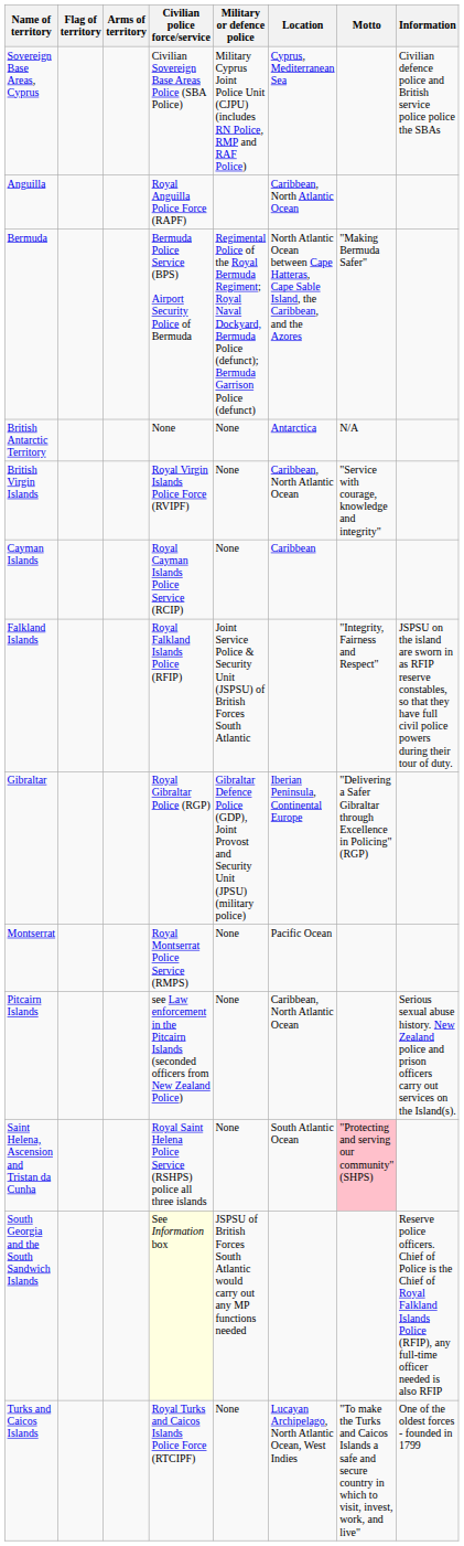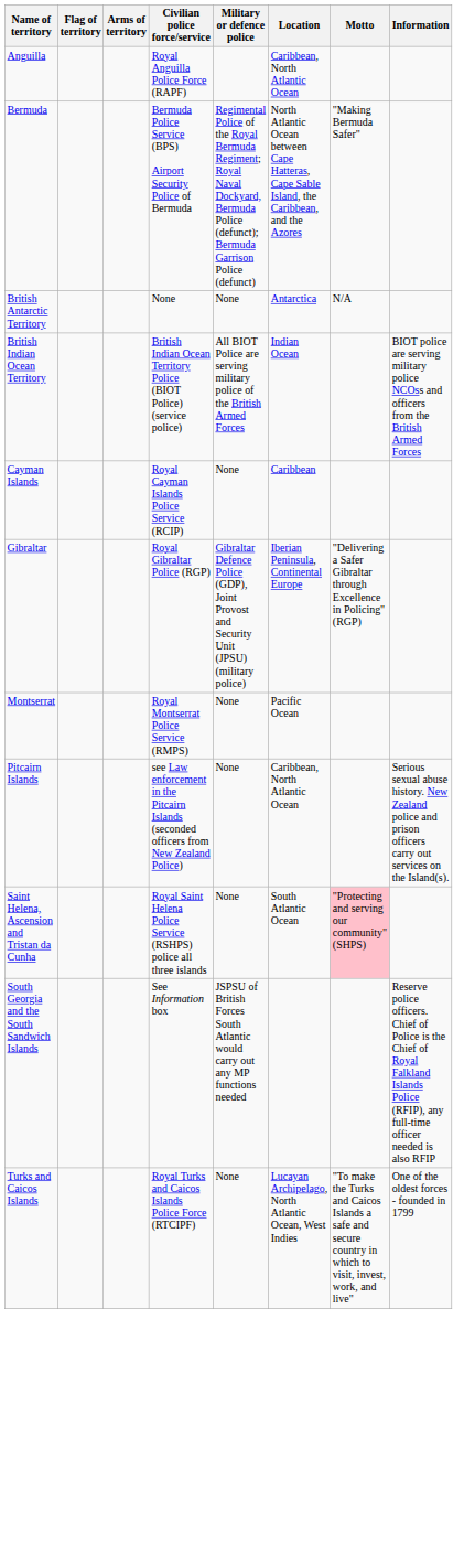 <table class="wikitable sortable">
 <tr>
 <th>Name of territory</th>
 <th class="unsortable">Flag of territory</th>
 <th class="unsortable">Arms of territory</th>
 <th>Civilian police force/service</th>
 <th>Military or defence police</th>
 <th>Location</th>
 <th class="unsortable">Motto</th>
 <th>Information</th>
-</tr>
-<tr valign="top">
-<td><a href='#'>Sovereign Base Areas</a>, <a href='#'>Cyprus</a></td>
-<td></td>
-<td></td>
-<td> Civilian <a href='#'>Sovereign Base Areas Police</a> (SBA Police)</td>
-<td>Military Cyprus Joint Police Unit (CJPU) (includes  <a href='#'>RN Police</a>,  <a href='#'>RMP</a> and  <a href='#'>RAF Police</a>)</td>
-<td><a href='#'>Cyprus</a>, <a href='#'>Mediterranean Sea</a></td>
-<td></td>
-<td>Civilian defence police and British service police police the SBAs</td>
 </tr>
 <tr valign="top">
 <td><a href='#'>Anguilla</a></td>
 <td></td>
 <td></td>
 <td> <a href='#'>Royal Anguilla Police Force</a> (RAPF)</td>
 <td></td>
 <td><a href='#'>Caribbean</a>, North <a href='#'>Atlantic Ocean</a></td>
 <td></td>
 <td></td>
 </tr>
 <tr valign="top">
 <td><a href='#'>Bermuda</a></td>
 <td></td>
 <td></td>
 <td> <a href='#'>Bermuda Police Service</a> (BPS) <br><br> <a href='#'>Airport Security Police</a> of Bermuda<br></td>
 <td> <a href='#'>Regimental Police</a> of the <a href='#'>Royal Bermuda Regiment</a>; <a href='#'>Royal Naval Dockyard, Bermuda</a> Police (defunct); <a href='#'>Bermuda Garrison</a> Police (defunct)</td>
 <td>North Atlantic Ocean between <a href='#'>Cape Hatteras</a>, <a href='#'>Cape Sable Island</a>, the <a href='#'>Caribbean</a>, and the <a href='#'>Azores</a></td>
 <td>"Making Bermuda Safer"</td>
 <td></td>
 </tr>
 <tr valign="top">
 <td><a href='#'>British Antarctic Territory</a></td>
 <td></td>
 <td></td>
 <td>None</td>
 <td>None</td>
 <td><a href='#'>Antarctica</a></td>
 <td>N/A</td>
 <td></td>
 </tr>
 <tr valign="top">
-<td><a href='#'>British Virgin Islands</a></td>
+<td><a href='#'>British Indian Ocean Territory</a></td>
 <td></td>
 <td></td>
-<td><a href='#'>Royal Virgin Islands Police Force</a> (RVIPF)</td>
-<td>None</td>
-<td><a href='#'>Caribbean</a>, North Atlantic Ocean</td>
-<td>"Service with courage, knowledge and integrity"</td>
+<td> <a href='#'>British Indian Ocean Territory Police</a> (BIOT Police) (service police)</td>
+<td>All BIOT Police are serving military police of the <a href='#'>British Armed Forces</a></td>
+<td><a href='#'>Indian Ocean</a></td>
 <td></td>
+<td>BIOT police are serving military police <a href='#'>NCOs</a>s and officers from the <a href='#'>British Armed Forces</a></td>
 </tr>
 <tr valign="top">
 <td><a href='#'>Cayman Islands</a></td>
 <td></td>
 <td></td>
 <td><a href='#'>Royal Cayman Islands Police Service</a> (RCIP)</td>
 <td>None</td>
 <td><a href='#'>Caribbean</a></td>
 <td></td>
 <td></td>
-</tr>
-<tr valign="top">
-<td><a href='#'>Falkland Islands</a></td>
-<td></td>
-<td></td>
-<td><a href='#'>Royal Falkland Islands Police</a> (RFIP)</td>
-<td> Joint Service Police & Security Unit (JSPSU) of British Forces South Atlantic</td>
-<td></td>
-<td>"Integrity, Fairness and Respect"</td>
-<td>JSPSU on the island are sworn in as RFIP reserve constables, so that they have full civil police powers during their tour of duty.</td>
 </tr>
 <tr valign="top">
 <td><a href='#'>Gibraltar</a></td>
 <td></td>
 <td></td>
 <td><a href='#'>Royal Gibraltar Police</a>  (RGP)</td>
 <td><a href='#'>Gibraltar Defence Police</a> (GDP),<br> Joint Provost and Security Unit (JPSU) (military police)</td>
 <td><a href='#'>Iberian Peninsula</a>, <a href='#'>Continental Europe</a></td>
 <td>"Delivering a Safer Gibraltar through Excellence in Policing" (RGP)</td>
 <td></td>
 </tr>
 <tr valign="top">
 <td><a href='#'>Montserrat</a></td>
 <td></td>
 <td></td>
 <td><a href='#'>Royal Montserrat Police Service</a> (RMPS)</td>
 <td>None</td>
 <td>Pacific Ocean</td>
 <td></td>
 <td></td>
 </tr>
 <tr valign="top">
 <td><a href='#'>Pitcairn Islands</a></td>
 <td></td>
 <td></td>
 <td>see <a href='#'>Law enforcement in the Pitcairn Islands</a> (seconded officers from <a href='#'>New Zealand Police</a>)</td>
 <td>None</td>
 <td>Caribbean, North Atlantic Ocean</td>
 <td></td>
 <td>Serious sexual abuse history. <a href='#'>New Zealand</a> police and prison officers carry out services on the Island(s).</td>
 </tr>
 <tr valign="top">
 <td><a href='#'>Saint Helena, Ascension and Tristan da Cunha</a></td>
 <td><br> </td>
 <td><br> </td>
 <td> <a href='#'>Royal Saint Helena Police Service</a> (RSHPS) police all three islands</td>
 <td>None</td>
 <td>South Atlantic Ocean</td>
 <td style="background: pink;">"Protecting and serving our community" (SHPS)</td>
 <td></td>
 </tr>
 <tr valign="top">
 <td><a href='#'>South Georgia and the South Sandwich Islands</a></td>
 <td></td>
 <td></td>
-<td style="background: lightyellow;">See <em>Information</em> box</td>
+<td>See <em>Information</em> box</td>
 <td>JSPSU of British Forces South Atlantic would carry out any MP functions needed</td>
 <td></td>
 <td></td>
 <td>Reserve police officers. Chief of Police is the Chief of <a href='#'>Royal Falkland Islands Police</a> (RFIP), any full-time officer needed is also RFIP</td>
 </tr>
 <tr valign="top">
 <td><a href='#'>Turks and Caicos Islands</a></td>
 <td></td>
 <td></td>
 <td><a href='#'>Royal Turks and Caicos Islands Police Force</a> (RTCIPF)</td>
 <td>None</td>
 <td><a href='#'>Lucayan Archipelago</a>, North Atlantic Ocean, West Indies</td>
 <td>"To make the Turks and Caicos Islands a safe and secure country in which to visit, invest, work, and live"</td>
 <td>One of the oldest forces - founded in 1799</td>
 </tr>
 </table>
